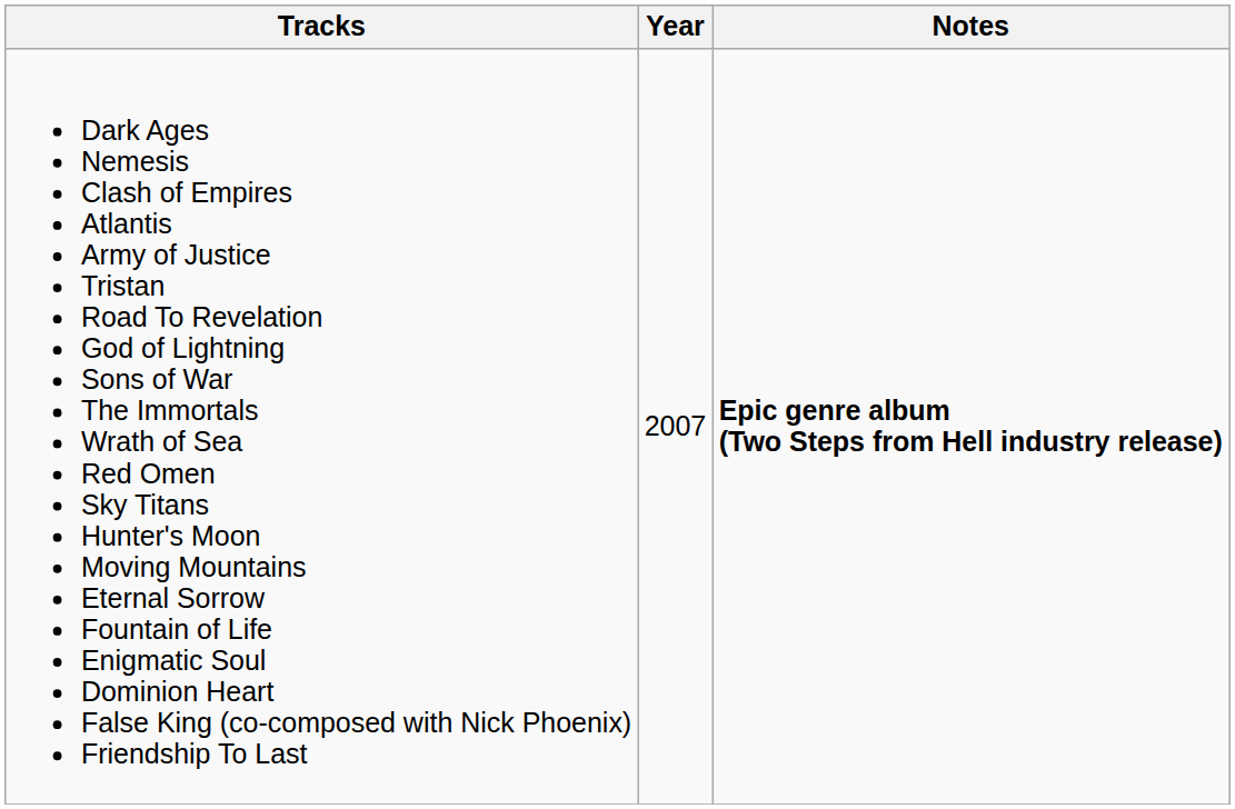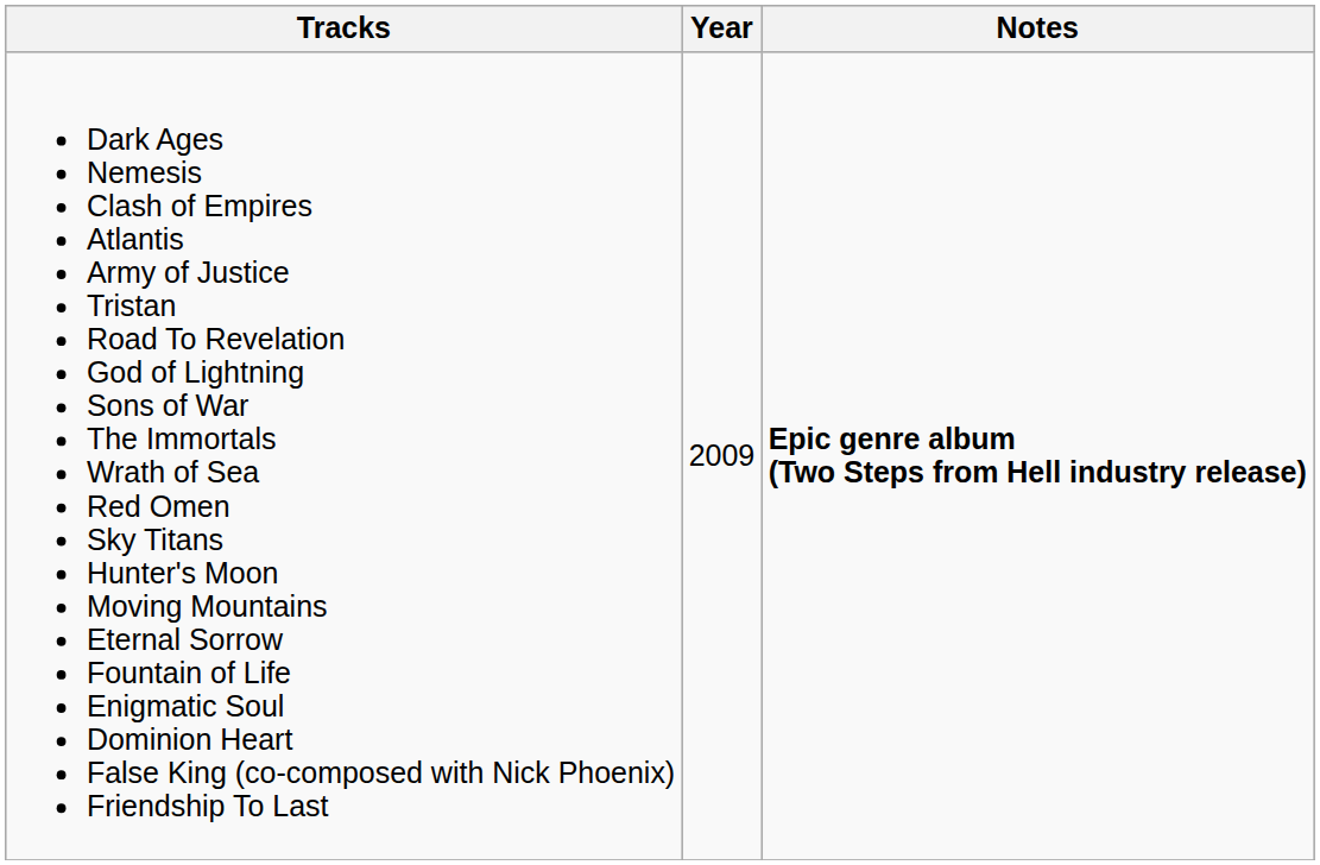 <table class="wikitable sortable">
 <tr>
 <th>Tracks</th>
 <th>Year</th>
 <th>Notes</th>
 </tr>
 <tr>
 <td><br><ul><li>Dark Ages</li><li>Nemesis</li><li>Clash of Empires</li><li>Atlantis</li><li>Army of Justice</li><li>Tristan</li><li>Road To Revelation</li><li>God of Lightning</li><li>Sons of War</li><li>The Immortals</li><li>Wrath of Sea</li><li>Red Omen</li><li>Sky Titans</li><li>Hunter's Moon</li><li>Moving Mountains</li><li>Eternal Sorrow</li><li>Fountain of Life</li><li>Enigmatic Soul</li><li>Dominion Heart</li><li>False King (co-composed with Nick Phoenix)</li><li>Friendship To Last</li></ul></td>
-<td>2007</td>
+<td>2009</td>
 <td><strong>Epic genre album<br>(Two Steps from Hell industry release)</strong></td>
 </tr>
 </table>
